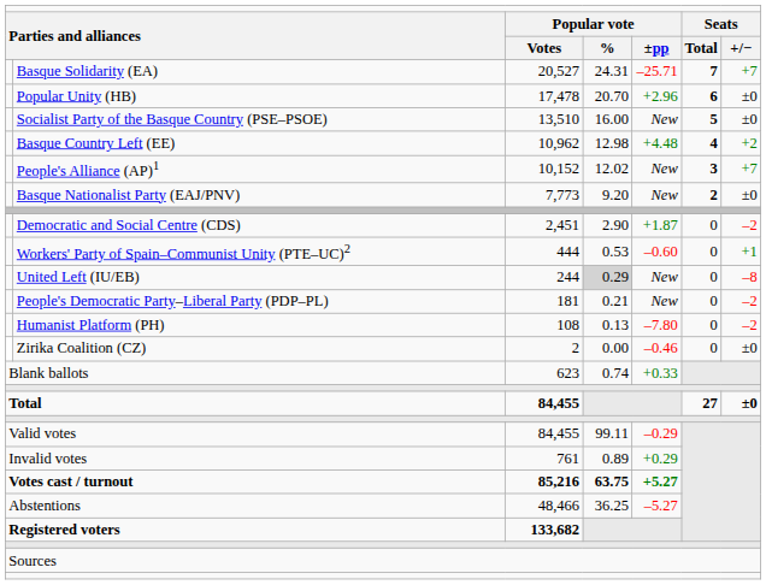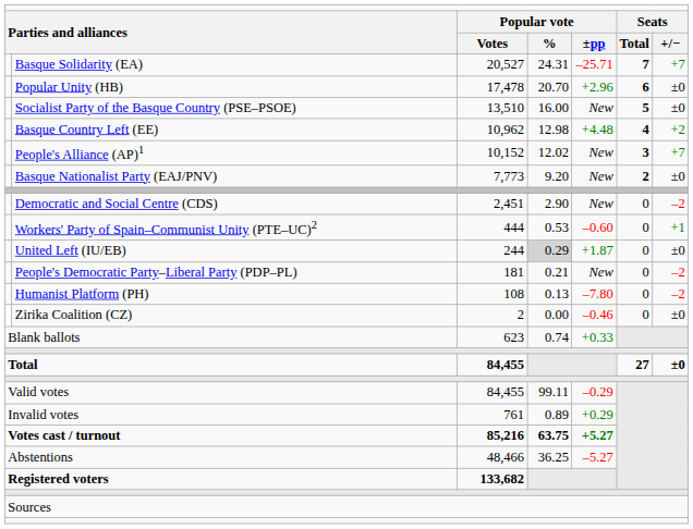 <table class="wikitable" style="text-align:right;">
 <tr>
 <td colspan="7"></td>
 </tr>
 <tr>
 <th style="text-align:left;" rowspan="2" colspan="2" width="525">Parties and alliances</th>
 <th colspan="3">Popular vote</th>
 <th colspan="2">Seats</th>
 </tr>
 <tr>
 <th width="75">Votes</th>
 <th width="45">%</th>
 <th width="45">±<a href='#'>pp</a></th>
 <th width="35">Total</th>
 <th width="35">+/−</th>
 </tr>
 <tr>
 <td width="1" style="color:inherit;background:"></td>
 <td align="left"><a href='#'>Basque Solidarity</a> (EA)</td>
 <td>20,527</td>
 <td>24.31</td>
 <td style="color:red;">–25.71</td>
 <td><strong>7</strong></td>
 <td style="color:green;">+7</td>
 </tr>
 <tr>
 <td style="color:inherit;background:"></td>
 <td align="left"><a href='#'>Popular Unity</a> (HB)</td>
 <td>17,478</td>
 <td>20.70</td>
 <td style="color:green;">+2.96</td>
 <td><strong>6</strong></td>
 <td>±0</td>
 </tr>
 <tr>
 <td style="color:inherit;background:"></td>
 <td align="left"><a href='#'>Socialist Party of the Basque Country</a> (PSE–PSOE)</td>
 <td>13,510</td>
 <td>16.00</td>
 <td><em>New</em></td>
 <td><strong>5</strong></td>
 <td>±0</td>
 </tr>
 <tr>
 <td style="color:inherit;background:"></td>
 <td align="left"><a href='#'>Basque Country Left</a> (EE)</td>
 <td>10,962</td>
 <td>12.98</td>
 <td style="color:green;">+4.48</td>
 <td><strong>4</strong></td>
 <td style="color:green;">+2</td>
 </tr>
 <tr>
 <td style="color:inherit;background:"></td>
 <td align="left"><a href='#'>People's Alliance</a> (AP)<sup>1</sup></td>
 <td>10,152</td>
 <td>12.02</td>
 <td><em>New</em></td>
 <td><strong>3</strong></td>
 <td style="color:green;">+7</td>
 </tr>
 <tr>
 <td style="color:inherit;background:"></td>
 <td align="left"><a href='#'>Basque Nationalist Party</a> (EAJ/PNV)</td>
 <td>7,773</td>
 <td>9.20</td>
 <td><em>New</em></td>
 <td><strong>2</strong></td>
 <td>±0</td>
 </tr>
 <tr>
 <td colspan="7" bgcolor="#C0C0C0"></td>
 </tr>
 <tr>
 <td style="color:inherit;background:"></td>
 <td align="left"><a href='#'>Democratic and Social Centre</a> (CDS)</td>
 <td>2,451</td>
 <td>2.90</td>
-<td style="color:green;">+1.87</td>
+<td><em>New</em></td>
 <td>0</td>
 <td style="color:red;">–2</td>
 </tr>
 <tr>
 <td style="color:inherit;background:"></td>
 <td align="left"><a href='#'>Workers' Party of Spain–Communist Unity</a> (PTE–UC)<sup>2</sup></td>
 <td>444</td>
 <td>0.53</td>
 <td style="color:red;">–0.60</td>
 <td>0</td>
 <td style="color:green;">+1</td>
 </tr>
 <tr>
 <td style="color:inherit;background:"></td>
 <td align="left"><a href='#'>United Left</a> (IU/EB)</td>
 <td>244</td>
 <td style="background: lightgrey;">0.29</td>
-<td><em>New</em></td>
+<td style="color:green;">+1.87</td>
 <td>0</td>
-<td style="color:red;">–8</td>
+<td>±0</td>
 </tr>
 <tr>
 <td style="color:inherit;background:"></td>
 <td align="left"><a href='#'>People's Democratic Party</a>–<a href='#'>Liberal Party</a> (PDP–PL)</td>
 <td>181</td>
 <td>0.21</td>
 <td><em>New</em></td>
 <td>0</td>
 <td style="color:red;">–2</td>
 </tr>
 <tr>
 <td style="color:inherit;background:"></td>
 <td align="left"><a href='#'>Humanist Platform</a> (PH)</td>
 <td>108</td>
 <td>0.13</td>
 <td style="color:red;">–7.80</td>
 <td>0</td>
 <td style="color:red;">–2</td>
 </tr>
 <tr>
 <td bgcolor="white"></td>
 <td align="left">Zirika Coalition (CZ)</td>
 <td>2</td>
 <td>0.00</td>
 <td style="color:red;">–0.46</td>
 <td>0</td>
 <td>±0</td>
 </tr>
 <tr>
 <td align="left" colspan="2">Blank ballots</td>
 <td>623</td>
 <td>0.74</td>
 <td style="color:green;">+0.33</td>
 <td bgcolor="#E9E9E9" colspan="2"></td>
 </tr>
 <tr>
 <td colspan="7" bgcolor="#E9E9E9"></td>
 </tr>
 <tr style="font-weight:bold;">
 <td align="left" colspan="2">Total</td>
 <td>84,455</td>
 <td bgcolor="#E9E9E9" colspan="2"></td>
 <td>27</td>
 <td>±0</td>
 </tr>
 <tr>
 <td colspan="7" bgcolor="#E9E9E9"></td>
 </tr>
 <tr>
 <td align="left" colspan="2">Valid votes</td>
 <td>84,455</td>
 <td>99.11</td>
 <td style="color:red;">–0.29</td>
 <td bgcolor="#E9E9E9" colspan="2" rowspan="5"></td>
 </tr>
 <tr>
 <td align="left" colspan="2">Invalid votes</td>
 <td>761</td>
 <td>0.89</td>
 <td style="color:green;">+0.29</td>
 </tr>
 <tr style="font-weight:bold;">
 <td align="left" colspan="2">Votes cast / turnout</td>
 <td>85,216</td>
 <td>63.75</td>
 <td style="color:green;">+5.27</td>
 </tr>
 <tr>
 <td align="left" colspan="2">Abstentions</td>
 <td>48,466</td>
 <td>36.25</td>
 <td style="color:red;">–5.27</td>
 </tr>
 <tr style="font-weight:bold;">
 <td align="left" colspan="2">Registered voters</td>
 <td>133,682</td>
 <td bgcolor="#E9E9E9" colspan="2"></td>
 </tr>
 <tr>
 <td colspan="7" bgcolor="#E9E9E9"></td>
 </tr>
 <tr>
 <td align="left" colspan="7">Sources</td>
 </tr>
 <tr>
 <td colspan="7" style="text-align:left; max-width:790px;"></td>
 </tr>
 </table>
